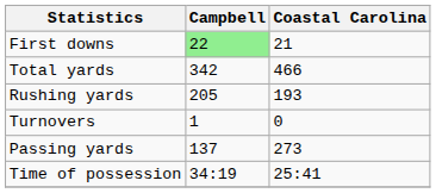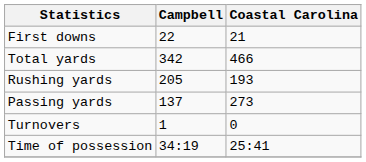 <table class="wikitable">
 <tr>
 <th>Statistics</th>
 <th>Campbell</th>
 <th>Coastal Carolina</th>
 </tr>
 <tr>
 <td>First downs</td>
-<td style="background: lightgreen;">22</td>
+<td>22</td>
 <td>21</td>
 </tr>
 <tr>
 <td>Total yards</td>
 <td>342</td>
 <td>466</td>
 </tr>
 <tr>
 <td>Rushing yards</td>
 <td>205</td>
 <td>193</td>
 </tr>
 <tr>
+<td>Passing yards</td>
+<td>137</td>
+<td>273</td>
+</tr>
+<tr>
 <td>Turnovers</td>
 <td>1</td>
 <td>0</td>
-</tr>
-<tr>
-<td>Passing yards</td>
-<td>137</td>
-<td>273</td>
 </tr>
 <tr>
 <td>Time of possession</td>
 <td>34:19</td>
 <td>25:41</td>
 </tr>
 <tr>
 </tr>
 </table>
